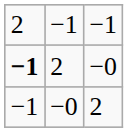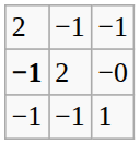 <table class="wikitable">
 <tr>
 <td>2</td>
 <td>−1</td>
 <td>−1</td>
 </tr>
 <tr>
 <td><strong>−1</strong></td>
 <td>2</td>
 <td>−0</td>
 </tr>
 <tr>
 <td>−1</td>
-<td>−0</td>
-<td>2</td>
+<td>−1</td>
+<td>1</td>
 </tr>
 </table>
